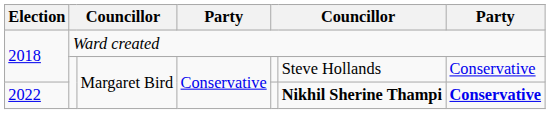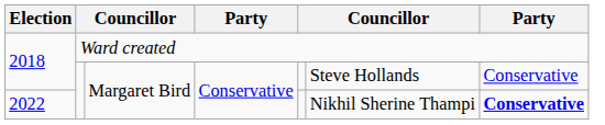 <table class="wikitable">
 <tr>
 <th>Election</th>
 <th colspan="2">Councillor</th>
 <th>Party</th>
 <th colspan="2">Councillor</th>
 <th>Party</th>
 </tr>
 <tr>
 <td rowspan="2"><a href='#'>2018</a></td>
 <td colspan="12"><em>Ward created</em></td>
 </tr>
 <tr>
 <td rowspan="2" style="background-color: "></td>
 <td rowspan="2">Margaret Bird</td>
 <td rowspan="2"><a href='#'>Conservative</a></td>
 <td style="background-color: "></td>
 <td>Steve Hollands</td>
 <td><a href='#'>Conservative</a></td>
 </tr>
 <tr>
 <td><a href='#'>2022</a></td>
 <td style="background-color: "></td>
-<td><strong>Nikhil Sherine Thampi</strong></td>
+<td>Nikhil Sherine Thampi</td>
 <td><strong><a href='#'>Conservative</a></strong></td>
 </tr>
 </table>
